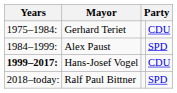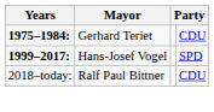 <table class="wikitable">
 <tr>
 <th>Years</th>
 <th>Mayor</th>
 <th colspan=2>Party</th>
 </tr>
 <tr>
-<td>1975–1984:</td>
+<td><strong>1975–1984:</strong></td>
 <td>Gerhard Teriet</td>
 <td style="background:"></td>
 <td><a href='#'>CDU</a></td>
 </tr>
 <tr>
-<td>1984–1999:</td>
-<td>Alex Paust</td>
-<td style="background:"></td>
-<td><a href='#'>SPD</a></td>
-</tr>
-<tr>
 <td><strong>1999–2017:</strong></td>
 <td>Hans-Josef Vogel</td>
 <td style="background:"></td>
-<td><a href='#'>CDU</a></td>
+<td><a href='#'>SPD</a></td>
 </tr>
 <tr>
 <td>2018–today:</td>
 <td>Ralf Paul Bittner</td>
 <td style="background:"></td>
-<td><a href='#'>SPD</a></td>
+<td><a href='#'>CDU</a></td>
 </tr>
 </table>
